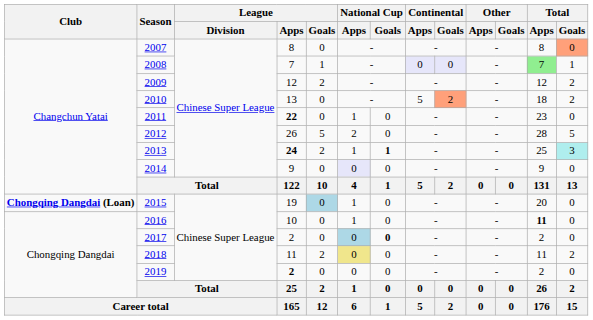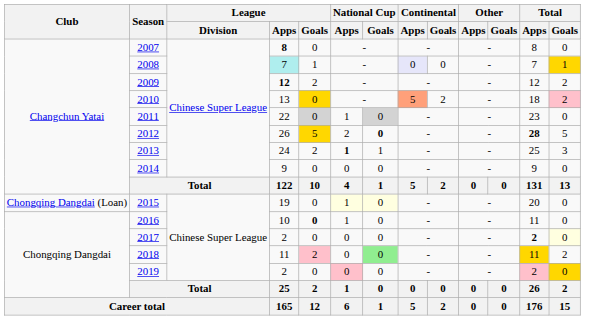 <table class="wikitable" style="text-align: center">
 <tr>
 <th rowspan="2">Club</th>
 <th rowspan="2">Season</th>
 <th colspan="3">League</th>
 <th colspan="2">National Cup</th>
 <th colspan="2">Continental</th>
 <th colspan="2">Other</th>
 <th colspan="2">Total</th>
 </tr>
 <tr>
 <th>Division</th>
 <th>Apps</th>
 <th>Goals</th>
 <th>Apps</th>
 <th>Goals</th>
 <th>Apps</th>
 <th>Goals</th>
 <th>Apps</th>
 <th>Goals</th>
 <th>Apps</th>
 <th>Goals</th>
 </tr>
 <tr>
 <td rowspan="9"><a href='#'>Changchun Yatai</a></td>
 <td><a href='#'>2007</a></td>
 <td rowspan="8"><a href='#'>Chinese Super League</a></td>
-<td>8</td>
+<td><strong>8</strong></td>
 <td>0</td>
 <td colspan="2">-</td>
 <td colspan="2">-</td>
 <td colspan="2">-</td>
 <td>8</td>
-<td style="background: lightsalmon;">0</td>
+<td>0</td>
 </tr>
 <tr>
 <td><a href='#'>2008</a></td>
-<td>7</td>
+<td style="background: paleturquoise;">7</td>
 <td>1</td>
 <td colspan="2">-</td>
 <td style="background: lavender;">0</td>
-<td style="background: lavender;">0</td>
+<td>0</td>
 <td colspan="2">-</td>
-<td style="background: lightgreen;">7</td>
-<td>1</td>
+<td>7</td>
+<td style="background: gold;">1</td>
 </tr>
 <tr>
 <td><a href='#'>2009</a></td>
-<td>12</td>
+<td><strong>12</strong></td>
 <td>2</td>
 <td colspan="2">-</td>
 <td colspan="2">-</td>
 <td colspan="2">-</td>
 <td>12</td>
 <td>2</td>
 </tr>
 <tr>
 <td><a href='#'>2010</a></td>
 <td>13</td>
-<td>0</td>
+<td style="background: gold;">0</td>
 <td colspan="2">-</td>
-<td>5</td>
-<td style="background: lightsalmon;">2</td>
+<td style="background: lightsalmon;">5</td>
+<td>2</td>
 <td colspan="2">-</td>
 <td>18</td>
-<td>2</td>
+<td style="background: pink;">2</td>
 </tr>
 <tr>
 <td><a href='#'>2011</a></td>
-<td><strong>22</strong></td>
-<td>0</td>
+<td>22</td>
+<td style="background: lightgrey;">0</td>
 <td>1</td>
-<td>0</td>
+<td style="background: lightgrey;">0</td>
 <td colspan="2">-</td>
 <td colspan="2">-</td>
 <td>23</td>
 <td>0</td>
 </tr>
 <tr>
 <td><a href='#'>2012</a></td>
 <td>26</td>
-<td>5</td>
+<td style="background: gold;">5</td>
 <td>2</td>
-<td>0</td>
+<td><strong>0</strong></td>
 <td colspan="2">-</td>
 <td colspan="2">-</td>
-<td>28</td>
+<td><strong>28</strong></td>
 <td>5</td>
 </tr>
 <tr>
 <td><a href='#'>2013</a></td>
-<td><strong>24</strong></td>
+<td>24</td>
 <td>2</td>
+<td><strong>1</strong></td>
 <td>1</td>
-<td><strong>1</strong></td>
 <td colspan="2">-</td>
 <td colspan="2">-</td>
 <td>25</td>
-<td style="background: paleturquoise;">3</td>
+<td>3</td>
 </tr>
 <tr>
 <td><a href='#'>2014</a></td>
 <td>9</td>
 <td>0</td>
-<td style="background: lavender;">0</td>
+<td>0</td>
 <td>0</td>
 <td colspan="2">-</td>
 <td colspan="2">-</td>
 <td>9</td>
 <td>0</td>
 </tr>
 <tr>
 <th colspan="2">Total</th>
 <th>122</th>
 <th>10</th>
 <th>4</th>
 <th>1</th>
 <th>5</th>
 <th>2</th>
 <th>0</th>
 <th>0</th>
 <th>131</th>
 <th>13</th>
 </tr>
 <tr>
-<td><strong><a href='#'>Chongqing Dangdai</a> (Loan)</strong></td>
+<td><a href='#'>Chongqing Dangdai</a> (Loan)</td>
 <td><a href='#'>2015</a></td>
 <td rowspan="5">Chinese Super League</td>
 <td>19</td>
-<td style="background: lightblue;">0</td>
-<td>1</td>
 <td>0</td>
+<td style="background: lightyellow;">1</td>
+<td style="background: lightyellow;">0</td>
 <td colspan="2">-</td>
 <td colspan="2">-</td>
 <td>20</td>
 <td>0</td>
 </tr>
 <tr>
 <td rowspan="5">Chongqing Dangdai</td>
 <td><a href='#'>2016</a></td>
 <td>10</td>
-<td>0</td>
+<td><strong>0</strong></td>
 <td>1</td>
 <td>0</td>
 <td colspan="2">-</td>
 <td colspan="2">-</td>
-<td><strong>11</strong></td>
+<td>11</td>
 <td>0</td>
 </tr>
 <tr>
 <td><a href='#'>2017</a></td>
 <td>2</td>
 <td>0</td>
-<td style="background: lightblue;">0</td>
-<td><strong>0</strong></td>
+<td>0</td>
+<td>0</td>
 <td colspan="2">-</td>
 <td colspan="2">-</td>
-<td>2</td>
-<td>0</td>
+<td><strong>2</strong></td>
+<td style="background: lightyellow;">0</td>
 </tr>
 <tr>
 <td><a href='#'>2018</a></td>
 <td>11</td>
-<td>2</td>
-<td style="background: khaki;">0</td>
+<td style="background: pink;">2</td>
 <td>0</td>
+<td style="background: lightgreen;">0</td>
 <td colspan="2">-</td>
 <td colspan="2">-</td>
-<td>11</td>
+<td style="background: gold;">11</td>
 <td>2</td>
 </tr>
 <tr>
 <td><a href='#'>2019</a></td>
-<td><strong>2</strong></td>
+<td>2</td>
 <td>0</td>
-<td>0</td>
+<td style="background: pink;">0</td>
 <td>0</td>
 <td colspan="2">-</td>
 <td colspan="2">-</td>
-<td>2</td>
-<td>0</td>
+<td style="background: pink;">2</td>
+<td style="background: gold;">0</td>
 </tr>
 <tr>
 <th colspan="2">Total</th>
 <th>25</th>
 <th>2</th>
 <th>1</th>
 <th>0</th>
 <th>0</th>
 <th>0</th>
 <th>0</th>
 <th>0</th>
 <th>26</th>
 <th>2</th>
 </tr>
 <tr>
 <th colspan=3>Career total</th>
 <th>165</th>
 <th>12</th>
 <th>6</th>
 <th>1</th>
 <th>5</th>
 <th>2</th>
 <th>0</th>
 <th>0</th>
 <th>176</th>
 <th>15</th>
 </tr>
 </table>
